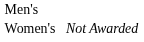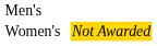 <table>
 <tr>
 <td>Men's <br></td>
 <td></td>
 <td></td>
 <td></td>
 </tr>
 <tr>
 <td>Women's <br></td>
 <td></td>
 <td></td>
-<td><em>Not Awarded</em></td>
+<td style="background: gold;"><em>Not Awarded</em></td>
 </tr>
 </table>
